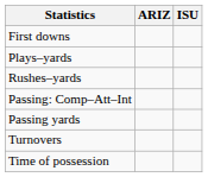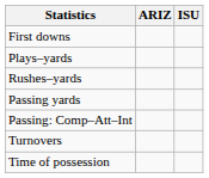 <table class="wikitable" style="float:left">
 <tr>
 <th>Statistics</th>
 <th>ARIZ</th>
 <th>ISU</th>
 </tr>
 <tr>
 <td>First downs</td>
 <td></td>
 <td></td>
 </tr>
 <tr>
 <td>Plays–yards</td>
 <td></td>
 <td></td>
 </tr>
 <tr>
 <td>Rushes–yards</td>
 <td></td>
 <td></td>
 </tr>
 <tr>
-<td>Passing: Comp–Att–Int</td>
+<td>Passing yards</td>
 <td></td>
 <td></td>
 </tr>
 <tr>
-<td>Passing yards</td>
+<td>Passing: Comp–Att–Int</td>
 <td></td>
 <td></td>
 </tr>
 <tr>
 <td>Turnovers</td>
 <td></td>
 <td></td>
 </tr>
 <tr>
 <td>Time of possession</td>
 <td></td>
 <td></td>
 </tr>
 </table>
